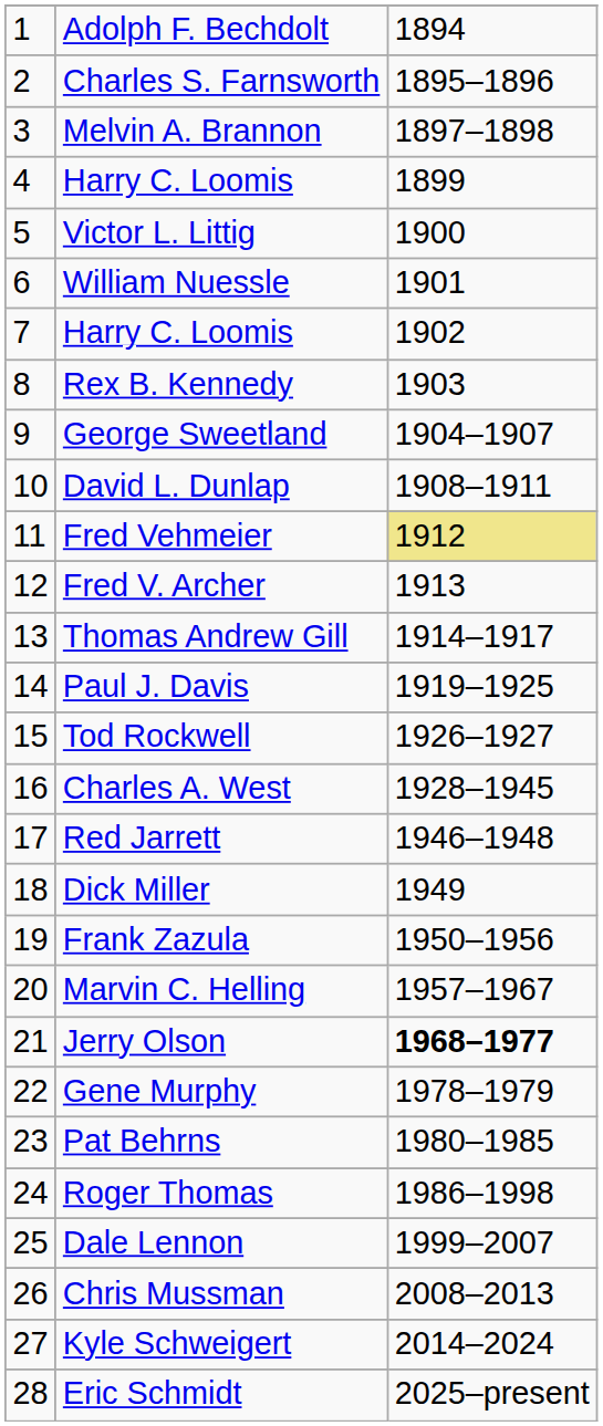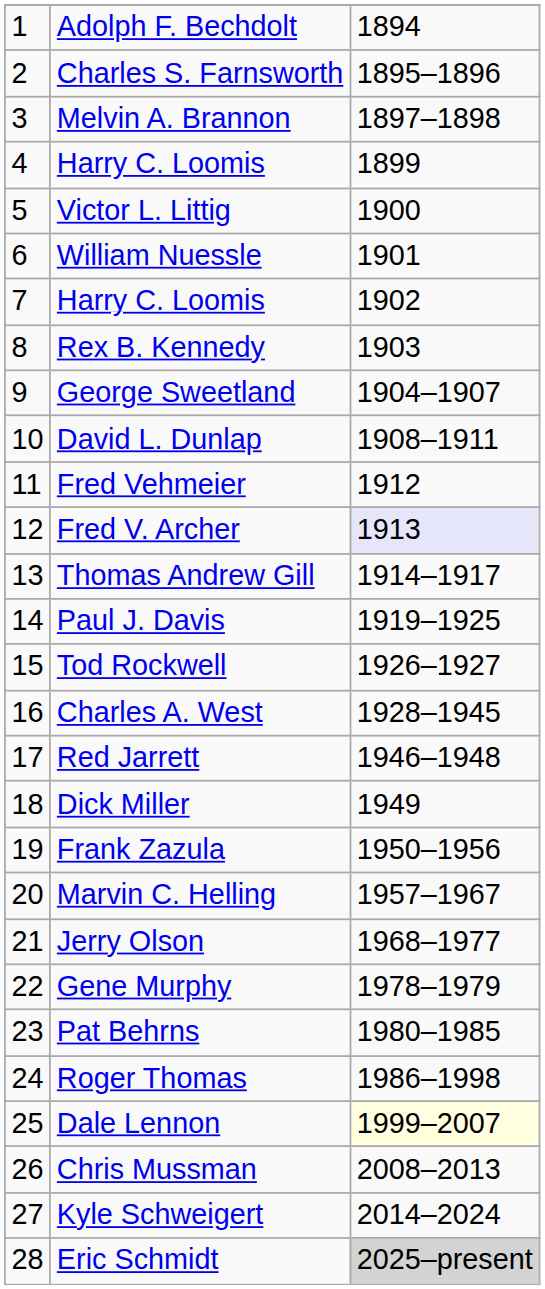 <table class="wikitable">
 <tr>
 </tr>
 <tr>
 <td>1</td>
 <td><a href='#'>Adolph F. Bechdolt</a></td>
 <td>1894</td>
 </tr>
 <tr>
 <td>2</td>
 <td><a href='#'>Charles S. Farnsworth</a></td>
 <td>1895–1896</td>
 </tr>
 <tr>
 <td>3</td>
 <td><a href='#'>Melvin A. Brannon</a></td>
 <td>1897–1898</td>
 </tr>
 <tr>
 <td>4</td>
 <td><a href='#'>Harry C. Loomis</a></td>
 <td>1899</td>
 </tr>
 <tr>
 <td>5</td>
 <td><a href='#'>Victor L. Littig</a></td>
 <td>1900</td>
 </tr>
 <tr>
 <td>6</td>
 <td><a href='#'>William Nuessle</a></td>
 <td>1901</td>
 </tr>
 <tr>
 <td>7</td>
 <td><a href='#'>Harry C. Loomis</a></td>
 <td>1902</td>
 </tr>
 <tr>
 <td>8</td>
 <td><a href='#'>Rex B. Kennedy</a></td>
 <td>1903</td>
 </tr>
 <tr>
 <td>9</td>
 <td><a href='#'>George Sweetland</a></td>
 <td>1904–1907</td>
 </tr>
 <tr>
 <td>10</td>
 <td><a href='#'>David L. Dunlap</a></td>
 <td>1908–1911</td>
 </tr>
 <tr>
 <td>11</td>
 <td><a href='#'>Fred Vehmeier</a></td>
-<td style="background: khaki;">1912</td>
+<td>1912</td>
 </tr>
 <tr>
 <td>12</td>
 <td><a href='#'>Fred V. Archer</a></td>
-<td>1913</td>
+<td style="background: lavender;">1913</td>
 </tr>
 <tr>
 <td>13</td>
 <td><a href='#'>Thomas Andrew Gill</a></td>
 <td>1914–1917</td>
 </tr>
 <tr>
 <td>14</td>
 <td><a href='#'>Paul J. Davis</a></td>
 <td>1919–1925</td>
 </tr>
 <tr>
 <td>15</td>
 <td><a href='#'>Tod Rockwell</a></td>
 <td>1926–1927</td>
 </tr>
 <tr>
 <td>16</td>
 <td><a href='#'>Charles A. West</a></td>
 <td>1928–1945</td>
 </tr>
 <tr>
 <td>17</td>
 <td><a href='#'>Red Jarrett</a></td>
 <td>1946–1948</td>
 </tr>
 <tr>
 <td>18</td>
 <td><a href='#'>Dick Miller</a></td>
 <td>1949</td>
 </tr>
 <tr>
 <td>19</td>
 <td><a href='#'>Frank Zazula</a></td>
 <td>1950–1956</td>
 </tr>
 <tr>
 <td>20</td>
 <td><a href='#'>Marvin C. Helling</a></td>
 <td>1957–1967</td>
 </tr>
 <tr>
 <td>21</td>
 <td><a href='#'>Jerry Olson</a></td>
-<td><strong>1968–1977</strong></td>
+<td>1968–1977</td>
 </tr>
 <tr>
 <td>22</td>
 <td><a href='#'>Gene Murphy</a></td>
 <td>1978–1979</td>
 </tr>
 <tr>
 <td>23</td>
 <td><a href='#'>Pat Behrns</a></td>
 <td>1980–1985</td>
 </tr>
 <tr>
 <td>24</td>
 <td><a href='#'>Roger Thomas</a></td>
 <td>1986–1998</td>
 </tr>
 <tr>
 <td>25</td>
 <td><a href='#'>Dale Lennon</a></td>
-<td>1999–2007</td>
+<td style="background: lightyellow;">1999–2007</td>
 </tr>
 <tr>
 <td>26</td>
 <td><a href='#'>Chris Mussman</a></td>
 <td>2008–2013</td>
 </tr>
 <tr>
 <td>27</td>
 <td><a href='#'>Kyle Schweigert</a></td>
 <td>2014–2024</td>
 </tr>
 <tr>
 <td>28</td>
 <td><a href='#'>Eric Schmidt</a></td>
-<td>2025–present</td>
+<td style="background: lightgrey;">2025–present</td>
 </tr>
 </table>
